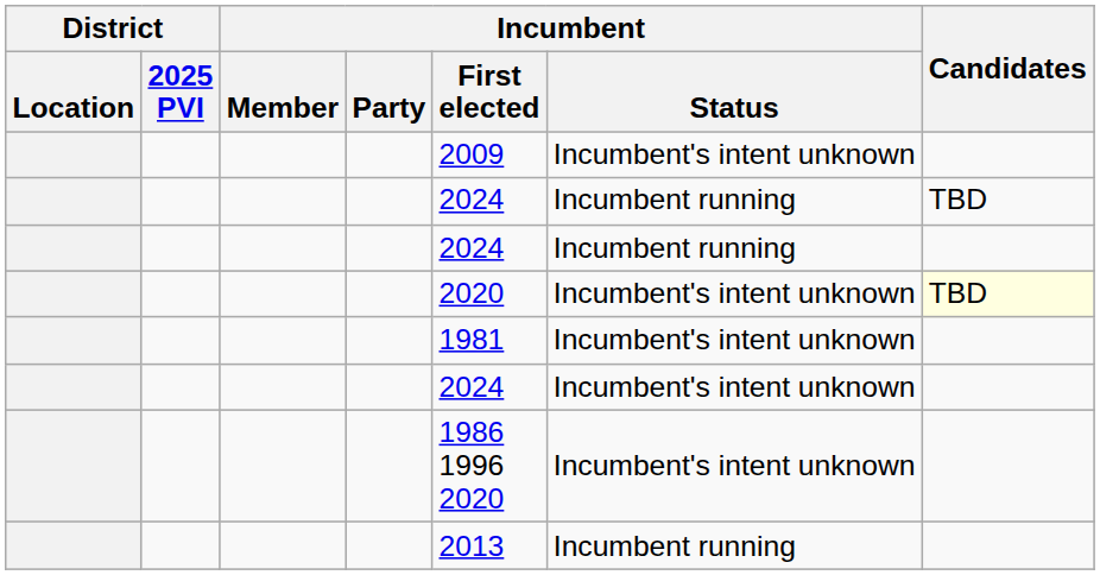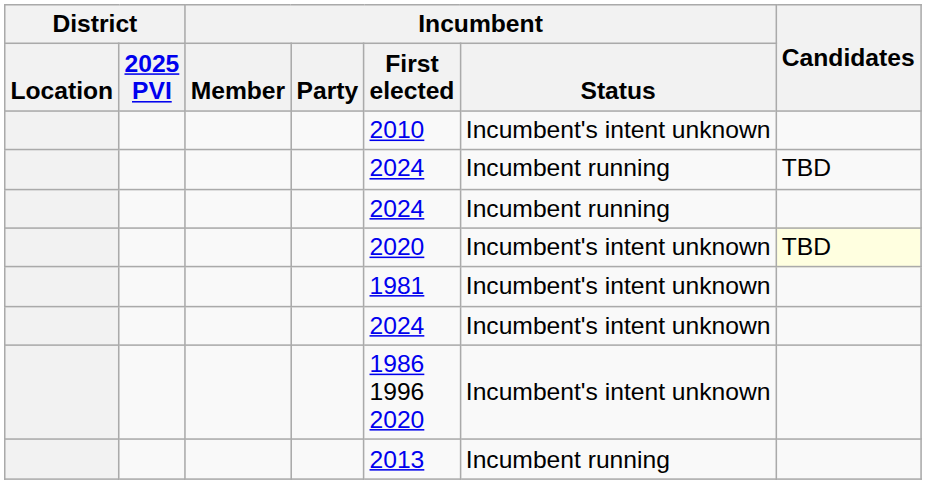 <table class="wikitable sortable">
 <tr>
 <th colspan=2>District</th>
 <th colspan=4>Incumbent</th>
 <th rowspan=2 class="unsortable">Candidates</th>
 </tr>
 <tr valign=bottom>
 <th>Location</th>
 <th><a href='#'>2025<br>PVI</a></th>
 <th>Member</th>
 <th>Party</th>
 <th>First<br>elected</th>
 <th>Status</th>
 </tr>
 <tr>
 <th></th>
 <td></td>
 <td></td>
 <td></td>
-<td><a href='#'>2009</a></td>
+<td><a href='#'>2010</a></td>
 <td>Incumbent's intent unknown</td>
 <td></td>
 </tr>
 <tr>
 <th></th>
 <td></td>
 <td></td>
 <td></td>
 <td><a href='#'>2024</a></td>
 <td>Incumbent running</td>
 <td>TBD</td>
 </tr>
 <tr>
 <th></th>
 <td></td>
 <td></td>
 <td></td>
 <td><a href='#'>2024</a></td>
 <td>Incumbent running</td>
 <td></td>
 </tr>
 <tr>
 <th></th>
 <td></td>
 <td></td>
 <td></td>
 <td><a href='#'>2020</a></td>
 <td>Incumbent's intent unknown</td>
 <td style="background: lightyellow;">TBD</td>
 </tr>
 <tr>
 <th></th>
 <td></td>
 <td></td>
 <td></td>
 <td><a href='#'>1981 </a></td>
 <td>Incumbent's intent unknown</td>
 <td></td>
 </tr>
 <tr>
 <th></th>
 <td></td>
 <td></td>
 <td></td>
 <td><a href='#'>2024</a></td>
 <td>Incumbent's intent unknown</td>
 <td></td>
 </tr>
 <tr>
 <th></th>
 <td></td>
 <td></td>
 <td></td>
 <td><a href='#'>1986</a><br>1996 <br><a href='#'>2020 </a></td>
 <td>Incumbent's intent unknown</td>
 <td></td>
 </tr>
 <tr>
 <th></th>
 <td></td>
 <td></td>
 <td></td>
 <td><a href='#'>2013</a></td>
 <td>Incumbent running</td>
 <td></td>
 </tr>
 </table>
